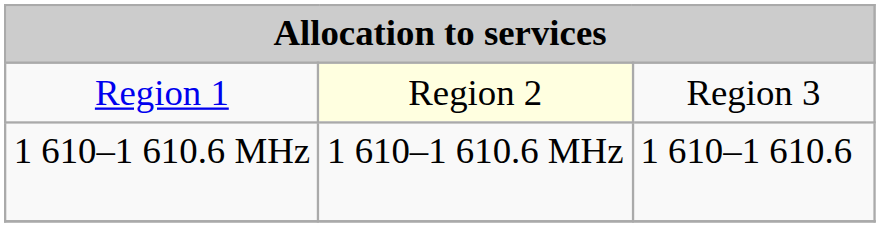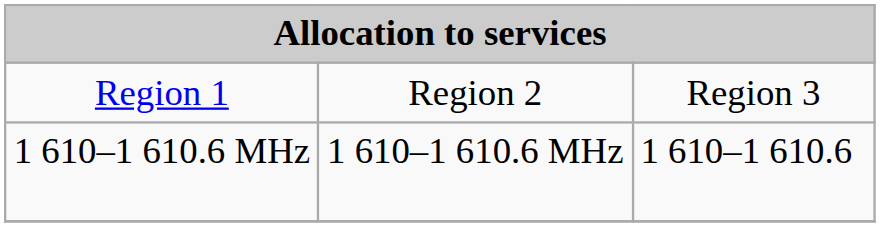 <table class=wikitable>
 <tr bgcolor="#CCCCCC" align="center">
 <td align="center" colspan="3"><strong>Allocation to services</strong></td>
 </tr>
 <tr align="center">
 <td align="center">     <a href='#'>Region 1</a>     </td>
-<td style="background: lightyellow;">     Region 2     </td>
+<td>     Region 2     </td>
 <td>     Region 3     </td>
 </tr>
 <tr>
 <td>1 610–1 610.6 MHz <br><br></td>
 <td>1 610–1 610.6 MHz<br><br></td>
 <td>1 610–1 610.6<br><br></td>
 </tr>
 <tr>
 </tr>
 </table>
